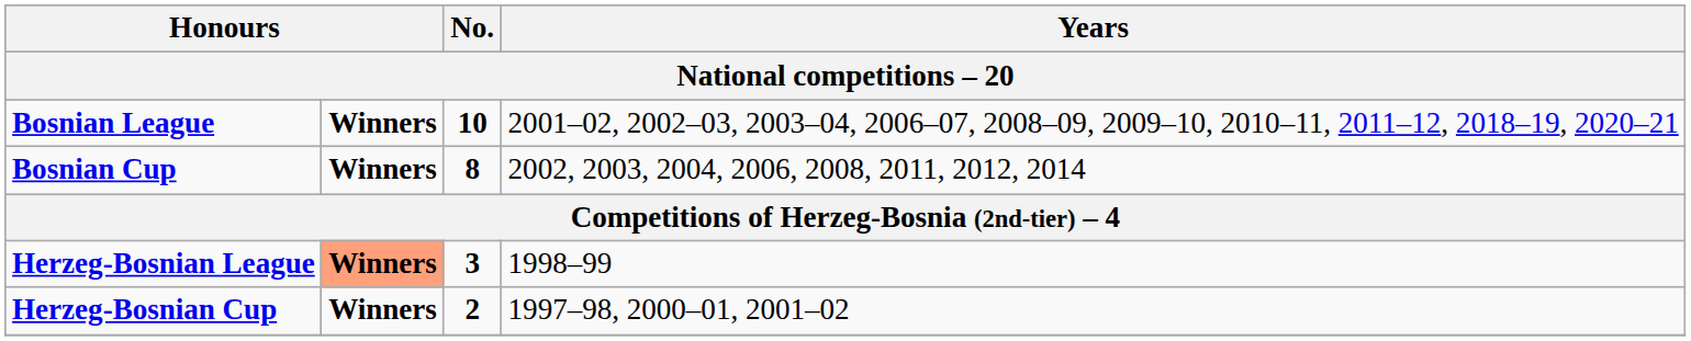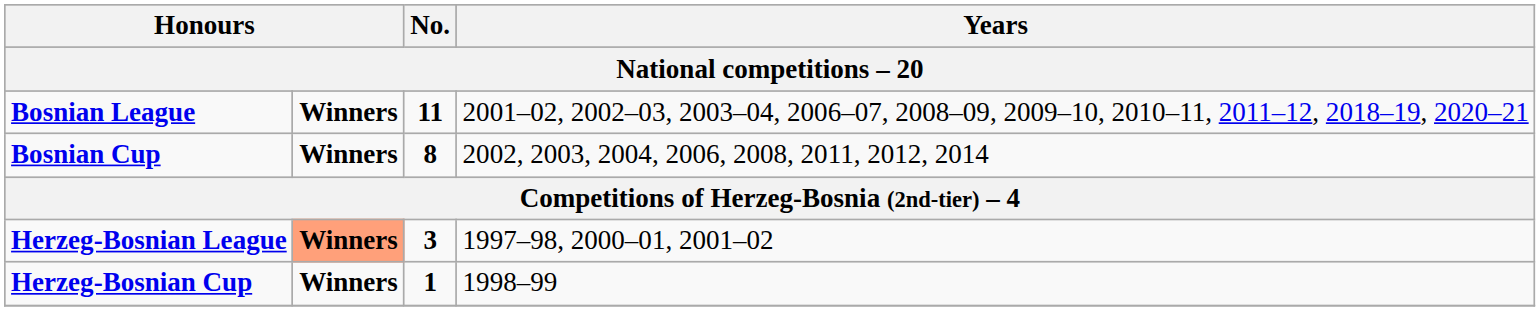 <table class="wikitable">
 <tr>
 <th colspan=2>Honours</th>
 <th>No.</th>
 <th>Years</th>
 </tr>
 <tr>
 <th colspan=6>National competitions – 20</th>
 </tr>
 <tr>
 <td><strong><a href='#'>Bosnian League</a></strong></td>
 <td><strong>Winners</strong></td>
-<td align=center><strong>10</strong></td>
+<td align=center><strong>11</strong></td>
 <td>2001–02, 2002–03, 2003–04, 2006–07, 2008–09, 2009–10, 2010–11, <a href='#'>2011–12</a>, <a href='#'>2018–19</a>, <a href='#'>2020–21</a></td>
 </tr>
 <tr>
 <td><strong><a href='#'>Bosnian Cup</a></strong></td>
 <td><strong>Winners</strong></td>
 <td align=center><strong>8</strong></td>
 <td>2002, 2003, 2004, 2006, 2008, 2011, 2012, 2014</td>
 </tr>
 <tr>
 <th colspan=6>Competitions of Herzeg-Bosnia <small>(2nd-tier)</small> – 4</th>
 </tr>
 <tr>
 <td><strong><a href='#'>Herzeg-Bosnian League</a></strong></td>
 <td style="background: lightsalmon;"><strong>Winners</strong></td>
 <td align=center><strong>3</strong></td>
-<td>1998–99</td>
+<td>1997–98, 2000–01, 2001–02</td>
 </tr>
 <tr>
 <td><strong><a href='#'>Herzeg-Bosnian Cup</a></strong></td>
 <td><strong>Winners</strong></td>
-<td align=center><strong>2</strong></td>
-<td>1997–98, 2000–01, 2001–02</td>
+<td align=center><strong>1</strong></td>
+<td>1998–99</td>
 </tr>
 <tr>
 </tr>
 </table>
